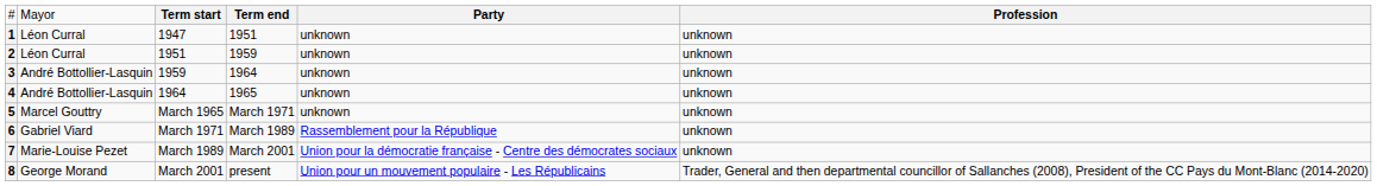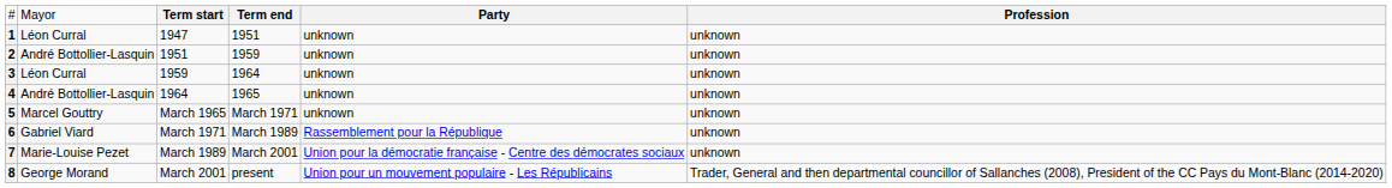 <table class="wikitable unsortable">
 <tr>
 <td>#</td>
 <td>Mayor</td>
 <th>Term start</th>
 <th>Term end</th>
 <th>Party</th>
 <th>Profession</th>
 </tr>
 <tr>
 <th align=center>1</th>
 <td>Léon Curral</td>
 <td>1947</td>
 <td>1951</td>
 <td>unknown</td>
 <td>unknown</td>
 </tr>
 <tr>
 <th align=center>2</th>
-<td>Léon Curral</td>
+<td>André Bottollier-Lasquin</td>
 <td>1951</td>
 <td>1959</td>
 <td>unknown</td>
 <td>unknown</td>
 </tr>
 <tr>
 <th align=center>3</th>
-<td>André Bottollier-Lasquin</td>
+<td>Léon Curral</td>
 <td>1959</td>
 <td>1964</td>
 <td>unknown</td>
 <td>unknown</td>
 </tr>
 <tr>
 <th align=center>4</th>
 <td>André Bottollier-Lasquin</td>
 <td>1964</td>
 <td>1965</td>
 <td>unknown</td>
 <td>unknown</td>
 </tr>
 <tr>
 <th align=center>5</th>
 <td>Marcel Gouttry</td>
 <td>March 1965</td>
 <td>March 1971</td>
 <td>unknown</td>
 <td>unknown</td>
 </tr>
 <tr>
 <th align=center>6</th>
 <td>Gabriel Viard</td>
 <td>March 1971</td>
 <td>March 1989</td>
 <td><a href='#'>Rassemblement pour la République</a></td>
 <td>unknown</td>
 </tr>
 <tr>
 <th align=center>7</th>
 <td>Marie-Louise Pezet</td>
 <td>March 1989</td>
 <td>March 2001</td>
 <td><a href='#'>Union pour la démocratie française</a> - <a href='#'>Centre des démocrates sociaux</a></td>
 <td>unknown</td>
 </tr>
 <tr>
 <th align=center>8</th>
 <td>George Morand</td>
 <td>March 2001</td>
 <td>present</td>
 <td><a href='#'>Union pour un mouvement populaire</a> - <a href='#'>Les Républicains</a></td>
 <td>Trader, General and then departmental councillor of Sallanches (2008), President of the CC Pays du Mont-Blanc (2014-2020)</td>
 </tr>
 </table>
